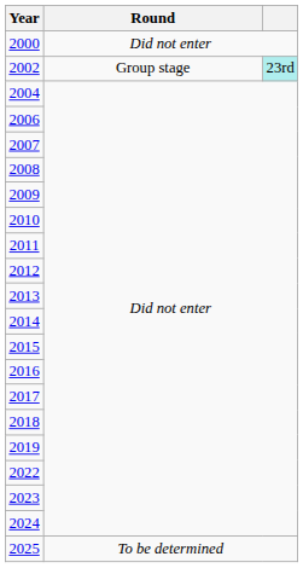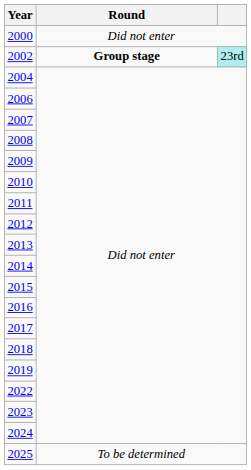 <table class="wikitable" style="text-align: center; font-size:90%">
 <tr>
 <th>Year</th>
 <th style="width:200px">Round</th>
 <th></th>
 </tr>
 <tr>
 <td><a href='#'>2000</a></td>
 <td colspan="2"><em>Did not enter</em></td>
 </tr>
 <tr>
 <td><a href='#'>2002</a></td>
-<td>Group stage</td>
+<td><strong>Group stage</strong></td>
 <td style="background: paleturquoise;">23rd</td>
 </tr>
 <tr>
 <td><a href='#'>2004</a></td>
 <td colspan="2" rowspan="18"><em>Did not enter</em></td>
 </tr>
 <tr>
 <td><a href='#'>2006</a></td>
 </tr>
 <tr>
 <td><a href='#'>2007</a></td>
 </tr>
 <tr>
 <td><a href='#'>2008</a></td>
 </tr>
 <tr>
 <td><a href='#'>2009</a></td>
 </tr>
 <tr>
 <td><a href='#'>2010</a></td>
 </tr>
 <tr>
 <td><a href='#'>2011</a></td>
 </tr>
 <tr>
 <td><a href='#'>2012</a></td>
 </tr>
 <tr>
 <td><a href='#'>2013</a></td>
 </tr>
 <tr>
 <td><a href='#'>2014</a></td>
 </tr>
 <tr>
 <td><a href='#'>2015</a></td>
 </tr>
 <tr>
 <td><a href='#'>2016</a></td>
 </tr>
 <tr>
 <td><a href='#'>2017</a></td>
 </tr>
 <tr>
 <td><a href='#'>2018</a></td>
 </tr>
 <tr>
 <td><a href='#'>2019</a></td>
 </tr>
 <tr>
 <td><a href='#'>2022</a></td>
 </tr>
 <tr>
 <td><a href='#'>2023</a></td>
 </tr>
 <tr>
 <td><a href='#'>2024</a></td>
 </tr>
 <tr>
 <td><a href='#'>2025</a></td>
 <td colspan="2"><em>To be determined</em></td>
 </tr>
 </table>
